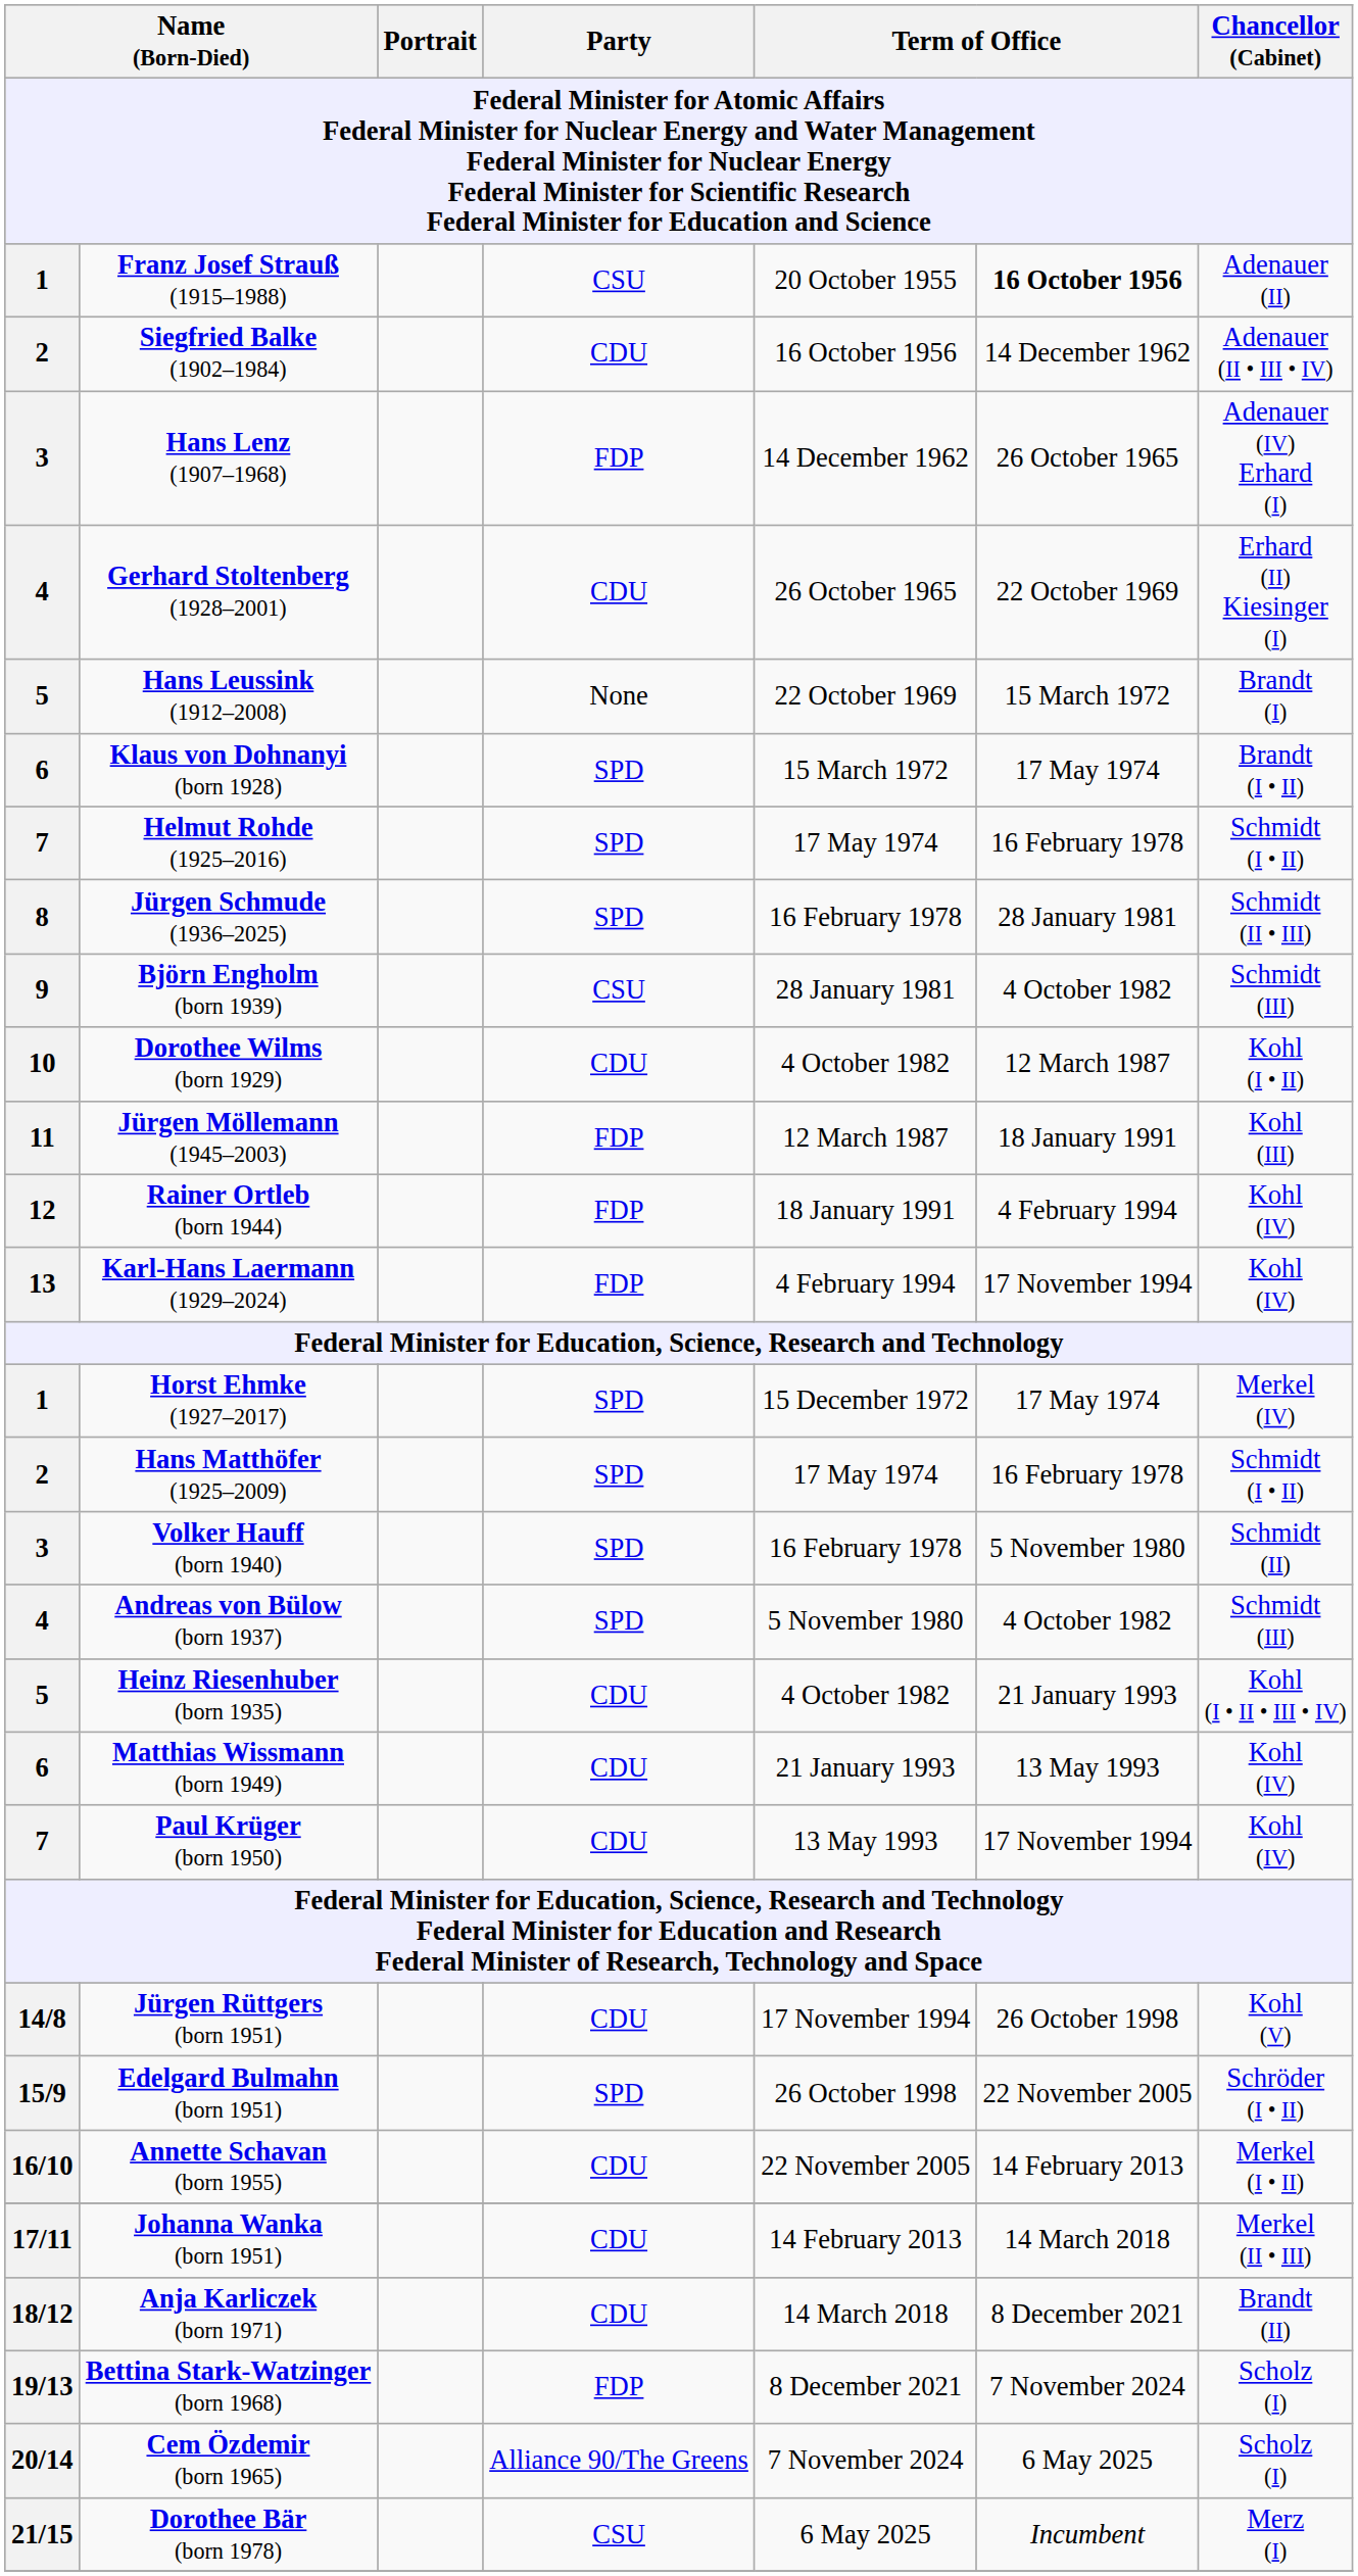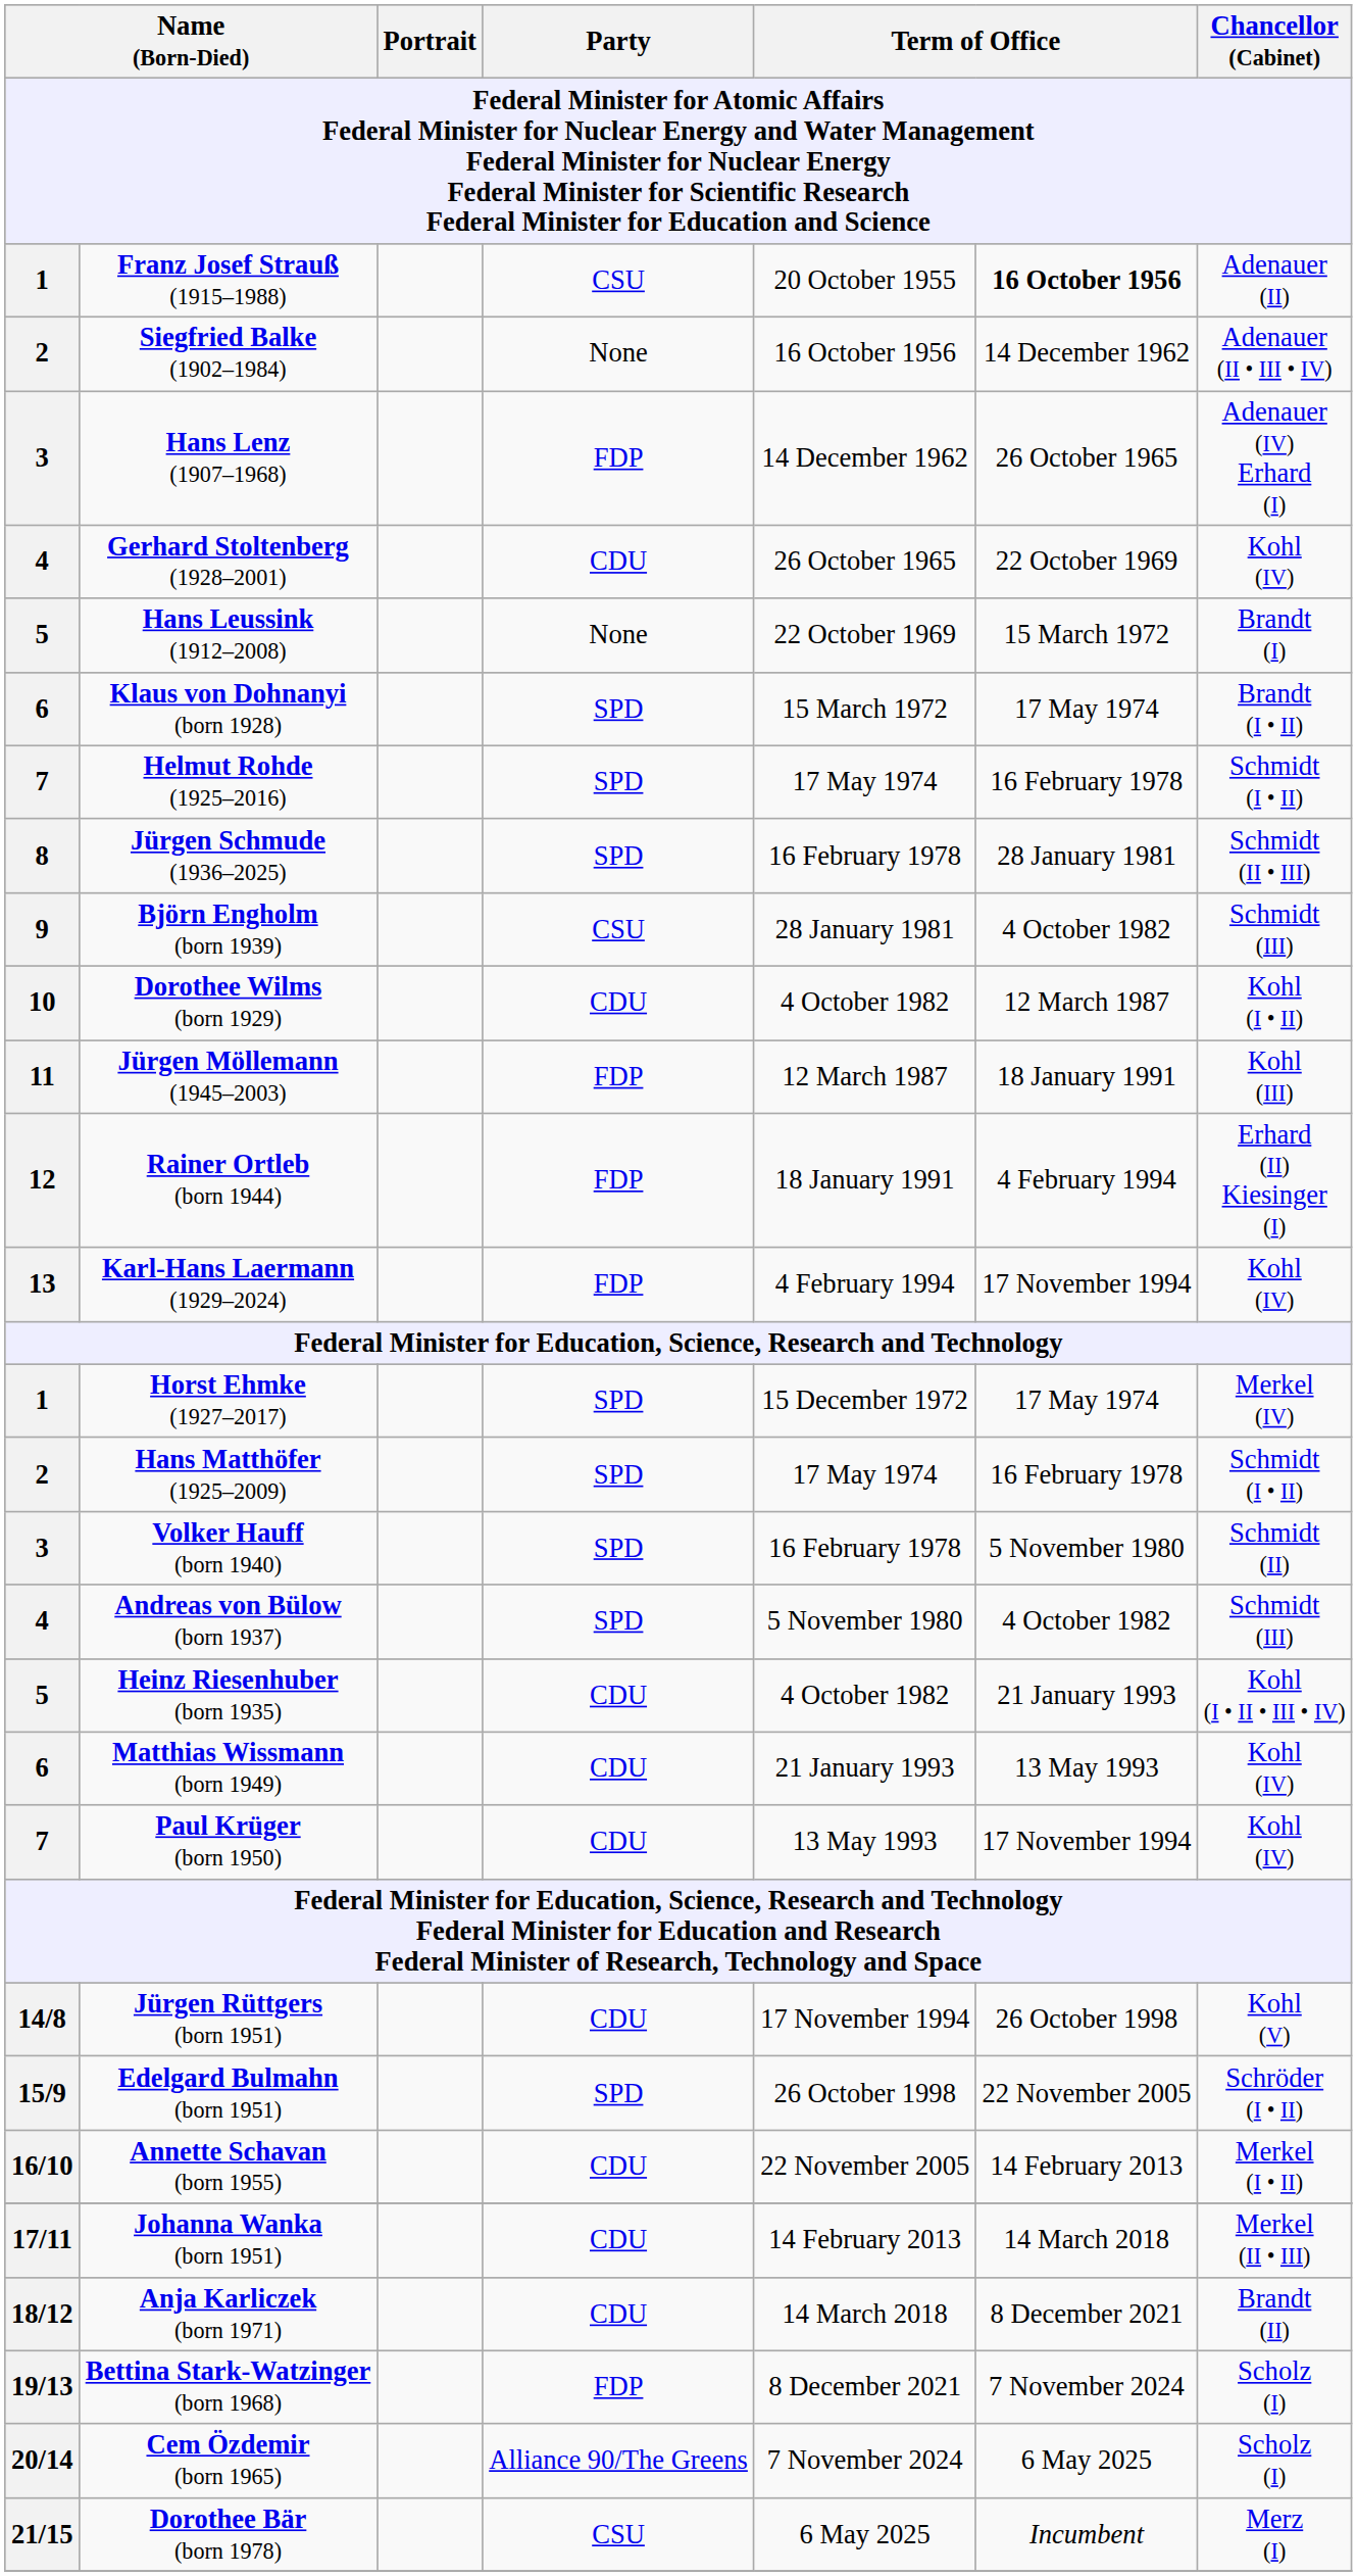 <table class="wikitable" style="text-align:center;">
 <tr>
 <th colspan=2>Name<br><small>(Born-Died)</small></th>
 <th>Portrait</th>
 <th>Party</th>
 <th colspan=2>Term of Office</th>
 <th><a href='#'>Chancellor</a><br><small>(Cabinet)</small></th>
 </tr>
 <tr>
 <th style="background:#EEEEFF" colspan="7">Federal Minister for Atomic Affairs <br>Federal Minister for Nuclear Energy and Water Management <br>Federal Minister for Nuclear Energy <br>Federal Minister for Scientific Research  <br>Federal Minister for Education and Science </th>
 </tr>
 <tr>
 <th style="background:">1</th>
 <td><strong><a href='#'>Franz Josef Strauß</a></strong><br><small>(1915–1988)</small></td>
 <td></td>
 <td><a href='#'>CSU</a></td>
 <td>20 October 1955</td>
 <td><strong>16 October 1956</strong></td>
 <td><a href='#'>Adenauer</a><br><small>(<a href='#'>II</a>)</small></td>
 </tr>
 <tr>
 <th style="background:">2</th>
 <td><strong><a href='#'>Siegfried Balke</a></strong><br><small>(1902–1984)</small></td>
 <td></td>
-<td><a href='#'>CDU</a></td>
+<td>None</td>
 <td>16 October 1956</td>
 <td>14 December 1962</td>
 <td><a href='#'>Adenauer</a><br><small>(<a href='#'>II</a> • <a href='#'>III</a> • <a href='#'>IV</a>)</small></td>
 </tr>
 <tr>
 <th style="background:">3</th>
 <td><strong><a href='#'>Hans Lenz</a></strong><br><small>(1907–1968)</small></td>
 <td></td>
 <td><a href='#'>FDP</a></td>
 <td>14 December 1962</td>
 <td>26 October 1965</td>
 <td><a href='#'>Adenauer</a><br><small>(<a href='#'>IV</a>)</small><br><a href='#'>Erhard</a><br><small>(<a href='#'>I</a>)</small></td>
 </tr>
 <tr>
 <th style="background:">4</th>
 <td><strong><a href='#'>Gerhard Stoltenberg</a></strong><br><small>(1928–2001)</small></td>
 <td></td>
 <td><a href='#'>CDU</a></td>
 <td>26 October 1965</td>
 <td>22 October 1969</td>
-<td><a href='#'>Erhard</a><br><small>(<a href='#'>II</a>)</small><br><a href='#'>Kiesinger</a><br><small>(<a href='#'>I</a>)</small></td>
+<td><a href='#'>Kohl</a><br><small>(<a href='#'>IV</a>)</small></td>
 </tr>
 <tr>
 <th style="background:">5</th>
 <td><strong><a href='#'>Hans Leussink</a></strong><br><small>(1912–2008)</small></td>
 <td></td>
 <td>None</td>
 <td>22 October 1969</td>
 <td>15 March 1972</td>
 <td><a href='#'>Brandt</a><br><small>(<a href='#'>I</a>)</small></td>
 </tr>
 <tr>
 <th style="background:">6</th>
 <td><strong><a href='#'>Klaus von Dohnanyi</a></strong><br><small>(born 1928)</small></td>
 <td></td>
 <td><a href='#'>SPD</a></td>
 <td>15 March 1972</td>
 <td>17 May 1974</td>
 <td><a href='#'>Brandt</a><br><small>(<a href='#'>I</a> • <a href='#'>II</a>)</small></td>
 </tr>
 <tr>
 <th style="background:">7</th>
 <td><strong><a href='#'>Helmut Rohde</a></strong><br><small>(1925–2016)</small></td>
 <td></td>
 <td><a href='#'>SPD</a></td>
 <td>17 May 1974</td>
 <td>16 February 1978</td>
 <td><a href='#'>Schmidt</a><br><small>(<a href='#'>I</a> • <a href='#'>II</a>)</small></td>
 </tr>
 <tr>
 <th style="background:">8</th>
 <td><strong><a href='#'>Jürgen Schmude</a></strong><br><small>(1936–2025)</small></td>
 <td></td>
 <td><a href='#'>SPD</a></td>
 <td>16 February 1978</td>
 <td>28 January 1981</td>
 <td><a href='#'>Schmidt</a><br><small>(<a href='#'>II</a> • <a href='#'>III</a>)</small></td>
 </tr>
 <tr>
 <th style="background:">9</th>
 <td><strong><a href='#'>Björn Engholm</a></strong><br><small>(born 1939)</small></td>
 <td></td>
 <td><a href='#'>CSU</a></td>
 <td>28 January 1981</td>
 <td>4 October 1982</td>
 <td><a href='#'>Schmidt</a><br><small>(<a href='#'>III</a>)</small></td>
 </tr>
 <tr>
 <th style="background:">10</th>
 <td><strong><a href='#'>Dorothee Wilms</a></strong><br><small>(born 1929)</small></td>
 <td></td>
 <td><a href='#'>CDU</a></td>
 <td>4 October 1982</td>
 <td>12 March 1987</td>
 <td><a href='#'>Kohl</a><br><small>(<a href='#'>I</a> • <a href='#'>II</a>)</small></td>
 </tr>
 <tr>
 <th style="background:">11</th>
 <td><strong><a href='#'>Jürgen Möllemann</a></strong><br><small>(1945–2003)</small></td>
 <td></td>
 <td><a href='#'>FDP</a></td>
 <td>12 March 1987</td>
 <td>18 January 1991</td>
 <td><a href='#'>Kohl</a><br><small>(<a href='#'>III</a>)</small></td>
 </tr>
 <tr>
 <th style="background:">12</th>
 <td><strong><a href='#'>Rainer Ortleb</a></strong><br><small>(born 1944)</small></td>
 <td></td>
 <td><a href='#'>FDP</a></td>
 <td>18 January 1991</td>
 <td>4 February 1994</td>
-<td><a href='#'>Kohl</a><br><small>(<a href='#'>IV</a>)</small></td>
+<td><a href='#'>Erhard</a><br><small>(<a href='#'>II</a>)</small><br><a href='#'>Kiesinger</a><br><small>(<a href='#'>I</a>)</small></td>
 </tr>
 <tr>
 <th style="background:">13</th>
 <td><strong><a href='#'>Karl-Hans Laermann</a></strong><br><small>(1929–2024)</small></td>
 <td></td>
 <td><a href='#'>FDP</a></td>
 <td>4 February 1994</td>
 <td>17 November 1994</td>
 <td><a href='#'>Kohl</a><br><small>(<a href='#'>IV</a>)</small></td>
 </tr>
 <tr>
 <th style="background:#EEEEFF" colspan="7">Federal Minister for Education, Science, Research and Technology</th>
 </tr>
 <tr>
 <th style="background:">1</th>
 <td><strong><a href='#'>Horst Ehmke</a></strong><br><small>(1927–2017)</small></td>
 <td></td>
 <td><a href='#'>SPD</a></td>
 <td>15 December 1972</td>
 <td>17 May 1974</td>
 <td><a href='#'>Merkel</a><br><small>(<a href='#'>IV</a>)</small></td>
 </tr>
 <tr>
 <th style="background:">2</th>
 <td><strong><a href='#'>Hans Matthöfer</a></strong><br><small>(1925–2009)</small></td>
 <td></td>
 <td><a href='#'>SPD</a></td>
 <td>17 May 1974</td>
 <td>16 February 1978</td>
 <td><a href='#'>Schmidt</a><br><small>(<a href='#'>I</a> • <a href='#'>II</a>)</small></td>
 </tr>
 <tr>
 <th style="background:">3</th>
 <td><strong><a href='#'>Volker Hauff</a></strong><br><small>(born 1940)</small></td>
 <td></td>
 <td><a href='#'>SPD</a></td>
 <td>16 February 1978</td>
 <td>5 November 1980</td>
 <td><a href='#'>Schmidt</a><br><small>(<a href='#'>II</a>)</small></td>
 </tr>
 <tr>
 <th style="background:">4</th>
 <td><strong><a href='#'>Andreas von Bülow</a></strong><br><small>(born 1937)</small></td>
 <td></td>
 <td><a href='#'>SPD</a></td>
 <td>5 November 1980</td>
 <td>4 October 1982</td>
 <td><a href='#'>Schmidt</a><br><small>(<a href='#'>III</a>)</small></td>
 </tr>
 <tr>
 <th style="background:">5</th>
 <td><strong><a href='#'>Heinz Riesenhuber</a></strong><br><small>(born 1935)</small></td>
 <td></td>
 <td><a href='#'>CDU</a></td>
 <td>4 October 1982</td>
 <td>21 January 1993</td>
 <td><a href='#'>Kohl</a><br><small>(<a href='#'>I</a> • <a href='#'>II</a> • <a href='#'>III</a> • <a href='#'>IV</a>)</small></td>
 </tr>
 <tr>
 <th style="background:">6</th>
 <td><strong><a href='#'>Matthias Wissmann</a></strong><br><small>(born 1949)</small></td>
 <td></td>
 <td><a href='#'>CDU</a></td>
 <td>21 January 1993</td>
 <td>13 May 1993</td>
 <td><a href='#'>Kohl</a><br><small>(<a href='#'>IV</a>)</small></td>
 </tr>
 <tr>
 <th style="background:">7</th>
 <td><strong><a href='#'>Paul Krüger</a></strong><br><small>(born 1950)</small></td>
 <td></td>
 <td><a href='#'>CDU</a></td>
 <td>13 May 1993</td>
 <td>17 November 1994</td>
 <td><a href='#'>Kohl</a><br><small>(<a href='#'>IV</a>)</small></td>
 </tr>
 <tr>
 <th style="background:#EEEEFF" colspan="7">Federal Minister for Education, Science, Research and Technology <br>Federal Minister for Education and Research <br>Federal Minister of Research, Technology and Space </th>
 </tr>
 <tr>
 <th style="background:">14/8</th>
 <td><strong><a href='#'>Jürgen Rüttgers</a></strong><br><small>(born 1951)</small></td>
 <td></td>
 <td><a href='#'>CDU</a></td>
 <td>17 November 1994</td>
 <td>26 October 1998</td>
 <td><a href='#'>Kohl</a><br><small>(<a href='#'>V</a>)</small></td>
 </tr>
 <tr>
 <th style="background:">15/9</th>
 <td><strong><a href='#'>Edelgard Bulmahn</a></strong><br><small>(born 1951)</small></td>
 <td></td>
 <td><a href='#'>SPD</a></td>
 <td>26 October 1998</td>
 <td>22 November 2005</td>
 <td><a href='#'>Schröder</a><br><small>(<a href='#'>I</a> • <a href='#'>II</a>)</small></td>
 </tr>
 <tr>
 <th style="background:">16/10</th>
 <td><strong><a href='#'>Annette Schavan</a></strong><br><small>(born 1955)</small></td>
 <td></td>
 <td><a href='#'>CDU</a></td>
 <td>22 November 2005</td>
 <td>14 February 2013</td>
 <td><a href='#'>Merkel</a><br><small>(<a href='#'>I</a> • <a href='#'>II</a>)</small></td>
 </tr>
 <tr>
 </tr>
 <tr>
 <th style="background:">17/11</th>
 <td><strong><a href='#'>Johanna Wanka</a></strong><br><small>(born 1951)</small></td>
 <td></td>
 <td><a href='#'>CDU</a></td>
 <td>14 February 2013</td>
 <td>14 March 2018</td>
 <td><a href='#'>Merkel</a><br><small>(<a href='#'>II</a> • <a href='#'>III</a>)</small></td>
 </tr>
 <tr>
 <th style="background:">18/12</th>
 <td><strong><a href='#'>Anja Karliczek</a></strong><br><small>(born 1971)</small></td>
 <td></td>
 <td><a href='#'>CDU</a></td>
 <td>14 March 2018</td>
 <td>8 December 2021</td>
 <td><a href='#'>Brandt</a><br><small>(<a href='#'>II</a>)</small></td>
 </tr>
 <tr>
 <th style="background:">19/13</th>
 <td><strong><a href='#'>Bettina Stark-Watzinger</a></strong><br><small>(born 1968)</small></td>
 <td></td>
 <td><a href='#'>FDP</a></td>
 <td>8 December 2021</td>
 <td>7 November 2024</td>
 <td><a href='#'>Scholz</a><br><small>(<a href='#'>I</a>)</small></td>
 </tr>
 <tr>
 <th style="background:">20/14</th>
 <td><strong><a href='#'>Cem Özdemir</a></strong><br><small>(born 1965)</small></td>
 <td></td>
 <td><a href='#'>Alliance 90/The Greens</a></td>
 <td>7 November 2024</td>
 <td>6 May 2025</td>
 <td><a href='#'>Scholz</a><br><small>(<a href='#'>I</a>)</small></td>
 </tr>
 <tr>
 <th style="background:">21/15</th>
 <td><strong><a href='#'>Dorothee Bär</a></strong><br><small>(born 1978)</small></td>
 <td></td>
 <td><a href='#'>CSU</a></td>
 <td>6 May 2025</td>
 <td><em>Incumbent</em></td>
 <td><a href='#'>Merz</a><br><small>(<a href='#'>I</a>)</small></td>
 </tr>
 <tr>
 </tr>
 </table>
